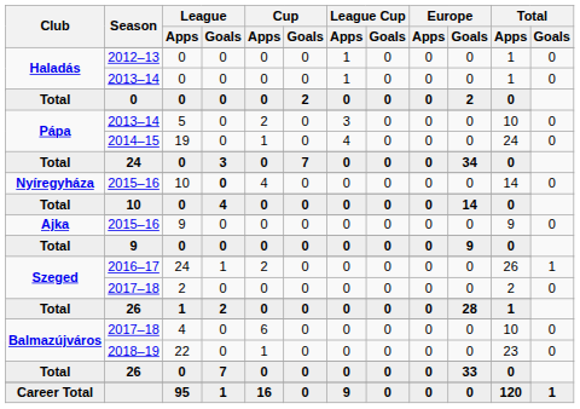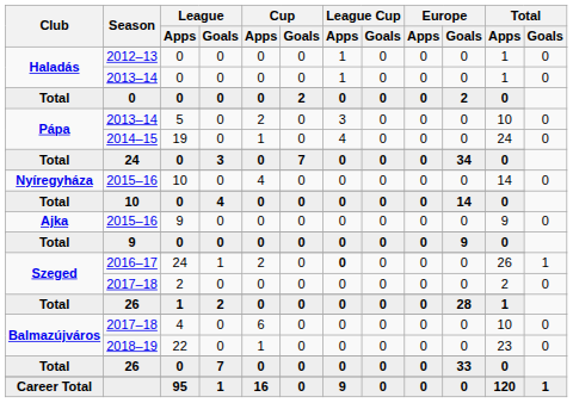 <table class="wikitable" style="font-size:90%; text-align: center;">
 <tr>
 <th rowspan="2">Club</th>
 <th rowspan="2">Season</th>
 <th colspan="2">League</th>
 <th colspan="2">Cup</th>
 <th colspan="2">League Cup</th>
 <th colspan="2">Europe</th>
 <th colspan="2">Total</th>
 </tr>
 <tr>
 <th>Apps</th>
 <th>Goals</th>
 <th>Apps</th>
 <th>Goals</th>
 <th>Apps</th>
 <th>Goals</th>
 <th>Apps</th>
 <th>Goals</th>
 <th>Apps</th>
 <th>Goals</th>
 </tr>
 <tr ||-||-||-|->
 <td rowspan="4" valign="center"><strong><a href='#'>Haladás</a></strong></td>
 </tr>
 <tr>
 <td><a href='#'>2012–13</a></td>
 <td>0</td>
 <td>0</td>
 <td>0</td>
 <td>0</td>
 <td>1</td>
 <td>0</td>
 <td>0</td>
 <td>0</td>
 <td>1</td>
 <td>0</td>
 </tr>
 <tr>
 <td><a href='#'>2013–14</a></td>
 <td>0</td>
 <td>0</td>
 <td>0</td>
 <td>0</td>
 <td>1</td>
 <td>0</td>
 <td>0</td>
 <td>0</td>
 <td>1</td>
 <td>0</td>
 </tr>
 <tr>
 </tr>
 <tr style="font-weight:bold; background-color:#eeeeee;">
 <td>Total</td>
 <td>0</td>
 <td>0</td>
 <td>0</td>
 <td>0</td>
 <td>2</td>
 <td>0</td>
 <td>0</td>
 <td>0</td>
 <td>2</td>
 <td>0</td>
 </tr>
 <tr>
 <td rowspan="4" valign="center"><strong><a href='#'>Pápa</a></strong></td>
 </tr>
 <tr>
 <td><a href='#'>2013–14</a></td>
 <td>5</td>
 <td>0</td>
 <td>2</td>
 <td>0</td>
 <td>3</td>
 <td>0</td>
 <td>0</td>
 <td>0</td>
 <td>10</td>
 <td>0</td>
 </tr>
 <tr>
 <td><a href='#'>2014–15</a></td>
 <td>19</td>
 <td>0</td>
 <td>1</td>
 <td>0</td>
 <td>4</td>
 <td>0</td>
 <td>0</td>
 <td>0</td>
 <td>24</td>
 <td>0</td>
 </tr>
 <tr>
 </tr>
 <tr style="font-weight:bold; background-color:#eeeeee;">
 <td>Total</td>
 <td>24</td>
 <td>0</td>
 <td>3</td>
 <td>0</td>
 <td>7</td>
 <td>0</td>
 <td>0</td>
 <td>0</td>
 <td>34</td>
 <td>0</td>
 </tr>
 <tr>
 <td rowspan="3" valign="center"><strong><a href='#'>Nyíregyháza</a></strong></td>
 </tr>
 <tr>
 <td><a href='#'>2015–16</a></td>
 <td>10</td>
-<td><strong>0</strong></td>
+<td>0</td>
 <td>4</td>
 <td>0</td>
 <td>0</td>
 <td>0</td>
 <td>0</td>
 <td>0</td>
 <td>14</td>
 <td>0</td>
 </tr>
 <tr>
 </tr>
 <tr style="font-weight:bold; background-color:#eeeeee;">
 <td>Total</td>
 <td>10</td>
 <td>0</td>
 <td>4</td>
 <td>0</td>
 <td>0</td>
 <td>0</td>
 <td>0</td>
 <td>0</td>
 <td>14</td>
 <td>0</td>
 </tr>
 <tr>
 <td rowspan="3" valign="center"><strong><a href='#'>Ajka</a></strong></td>
 </tr>
 <tr>
 <td><a href='#'>2015–16</a></td>
 <td>9</td>
 <td>0</td>
 <td>0</td>
 <td>0</td>
 <td>0</td>
 <td>0</td>
 <td>0</td>
 <td>0</td>
 <td>9</td>
 <td>0</td>
 </tr>
 <tr>
 </tr>
 <tr style="font-weight:bold; background-color:#eeeeee;">
 <td>Total</td>
 <td>9</td>
 <td>0</td>
 <td>0</td>
 <td>0</td>
 <td>0</td>
 <td>0</td>
 <td>0</td>
 <td>0</td>
 <td>9</td>
 <td>0</td>
 </tr>
 <tr>
 <td rowspan="4" valign="center"><strong><a href='#'>Szeged</a></strong></td>
 </tr>
 <tr>
 <td><a href='#'>2016–17</a></td>
 <td>24</td>
 <td>1</td>
 <td>2</td>
 <td>0</td>
-<td>0</td>
+<td><strong>0</strong></td>
 <td>0</td>
 <td>0</td>
 <td>0</td>
 <td>26</td>
 <td>1</td>
 </tr>
 <tr>
 <td><a href='#'>2017–18</a></td>
 <td>2</td>
 <td>0</td>
 <td>0</td>
 <td>0</td>
 <td>0</td>
 <td>0</td>
 <td>0</td>
 <td>0</td>
 <td>2</td>
 <td>0</td>
 </tr>
 <tr>
 </tr>
 <tr style="font-weight:bold; background-color:#eeeeee;">
 <td>Total</td>
 <td>26</td>
 <td>1</td>
 <td>2</td>
 <td>0</td>
 <td>0</td>
 <td>0</td>
 <td>0</td>
 <td>0</td>
 <td>28</td>
 <td>1</td>
 </tr>
 <tr>
 <td rowspan="4" valign="center"><strong><a href='#'>Balmazújváros</a></strong></td>
 </tr>
 <tr>
 <td><a href='#'>2017–18</a></td>
 <td>4</td>
 <td>0</td>
 <td>6</td>
 <td>0</td>
 <td>0</td>
 <td>0</td>
 <td>0</td>
 <td>0</td>
 <td>10</td>
 <td>0</td>
 </tr>
 <tr>
 <td><a href='#'>2018–19</a></td>
 <td>22</td>
 <td>0</td>
 <td>1</td>
 <td>0</td>
 <td>0</td>
 <td>0</td>
 <td>0</td>
 <td>0</td>
 <td>23</td>
 <td>0</td>
 </tr>
 <tr>
 </tr>
 <tr style="font-weight:bold; background-color:#eeeeee;">
 <td>Total</td>
 <td>26</td>
 <td>0</td>
 <td>7</td>
 <td>0</td>
 <td>0</td>
 <td>0</td>
 <td>0</td>
 <td>0</td>
 <td>33</td>
 <td>0</td>
 </tr>
 <tr>
 </tr>
 <tr style="font-weight:bold; background-color:#eeeeee;">
 <td rowspan="2" valign="top"><strong>Career Total</strong></td>
 <td></td>
 <td><strong>95</strong></td>
 <td><strong>1</strong></td>
 <td><strong>16</strong></td>
 <td><strong>0</strong></td>
 <td><strong>9</strong></td>
 <td><strong>0</strong></td>
 <td><strong>0</strong></td>
 <td><strong>0</strong></td>
 <td><strong>120</strong></td>
 <td><strong>1</strong></td>
 </tr>
 </table>
